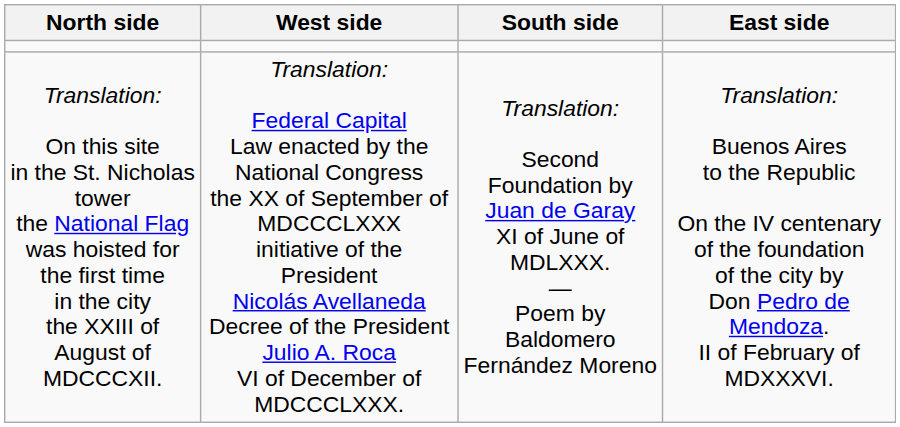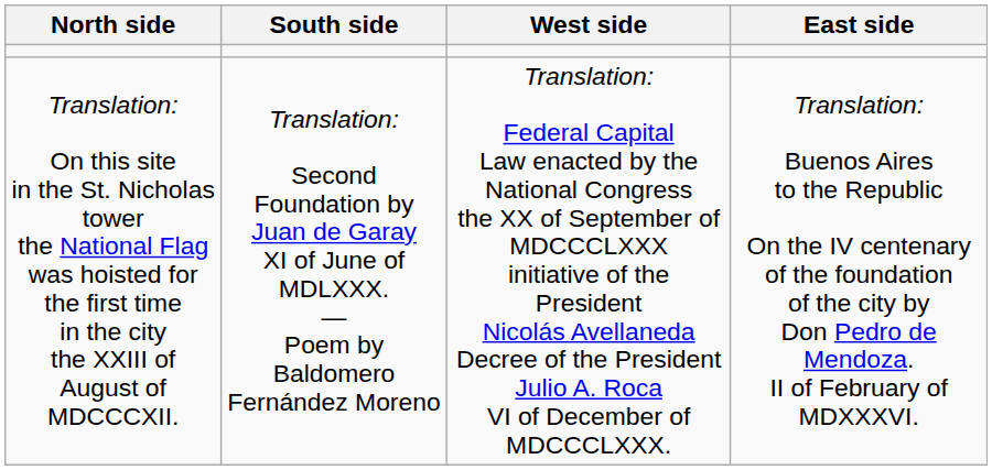 <table class="wikitable" style="margin: 1em auto 1em auto;">
 <tr>
 <th>North side</th>
+<th>South side</th>
 <th>West side</th>
-<th>South side</th>
 <th>East side</th>
 </tr>
 <tr>
 <td style="text-align: center;"></td>
 <td style="text-align: center;"></td>
 <td style="text-align: center;"></td>
 <td style="text-align: center;"></td>
 </tr>
 <tr>
 <td style="text-align: center;"><em>Translation:</em><br><br> On this site<br>in the St. Nicholas tower<br>the <a href='#'>National Flag</a><br>was hoisted for the first time<br>in the city<br>the XXIII of August of<br>MDCCCXII.</td>
+<td style="text-align: center;"><em>Translation:</em><br><br>Second Foundation by<br><a href='#'>Juan de Garay</a><br>XI of June of MDLXXX.<br>—<br>Poem by<br>Baldomero Fernández Moreno</td>
 <td style="text-align: center;"><em>Translation:</em><br> <br><a href='#'>Federal Capital</a><br>Law enacted by the National Congress<br>the XX of September of MDCCCLXXX<br>initiative of the President<br><a href='#'>Nicolás Avellaneda</a><br>Decree of the President <a href='#'>Julio A. Roca</a><br>VI of December of MDCCCLXXX.</td>
-<td style="text-align: center;"><em>Translation:</em><br><br>Second Foundation by<br><a href='#'>Juan de Garay</a><br>XI of June of MDLXXX.<br>—<br>Poem by<br>Baldomero Fernández Moreno</td>
 <td style="text-align: center;"><em>Translation:</em><br><br>Buenos Aires<br>to the Republic<br><br>On the IV centenary of the foundation<br>of the city by<br>Don <a href='#'>Pedro de Mendoza</a>.<br>II of February of MDXXXVI.</td>
 </tr>
 </table>
